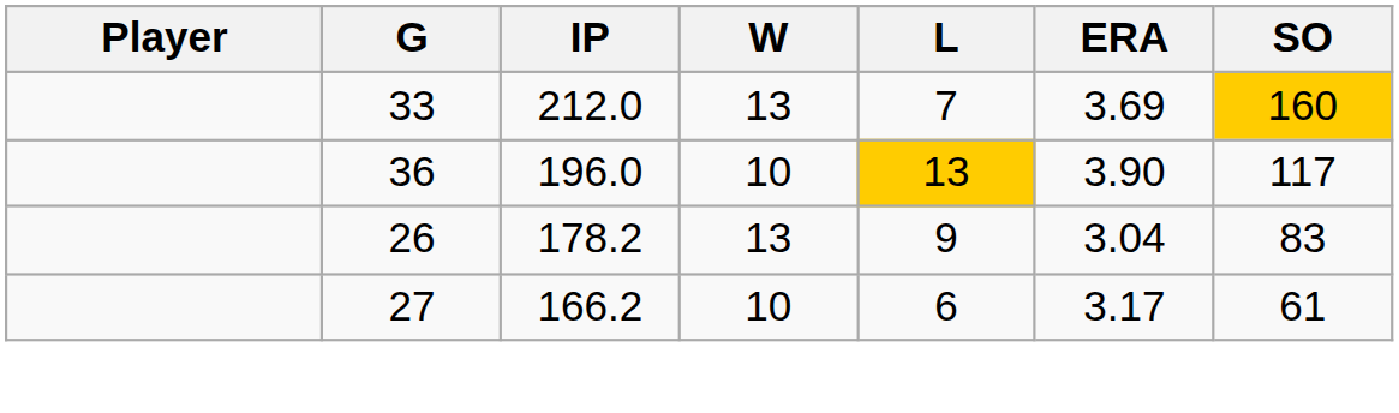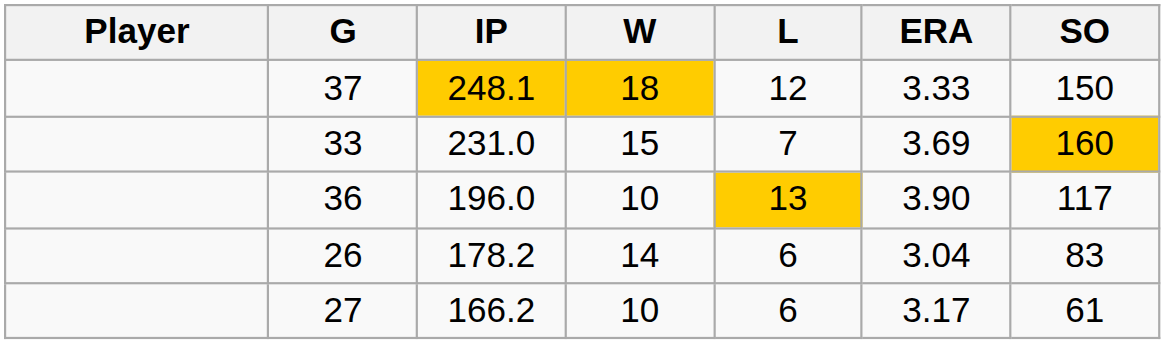 <table class="wikitable sortable">
 <tr>
 <th bgcolor="#DDDDFF" width="16%">Player</th>
 <th bgcolor="#DDDDFF" width="9%">G</th>
 <th bgcolor="#DDDDFF" width="9%">IP</th>
 <th bgcolor="#DDDDFF" width="9%">W</th>
 <th bgcolor="#DDDDFF" width="9%">L</th>
 <th bgcolor="#DDDDFF" width="9%">ERA</th>
 <th bgcolor="#DDDDFF" width="9%">SO</th>
 </tr>
 <tr align="center">
 <td></td>
+<td>37</td>
+<td style="background:#fc0;">248.1</td>
+<td style="background:#fc0;">18</td>
+<td>12</td>
+<td>3.33</td>
+<td>150</td>
+</tr>
+<tr align="center">
+<td></td>
 <td>33</td>
-<td>212.0</td>
-<td>13</td>
+<td>231.0</td>
+<td>15</td>
 <td>7</td>
 <td>3.69</td>
 <td style="background:#fc0;">160</td>
 </tr>
 <tr align="center">
 <td></td>
 <td>36</td>
 <td>196.0</td>
 <td>10</td>
 <td style="background:#fc0;">13</td>
 <td>3.90</td>
 <td>117</td>
 </tr>
 <tr align="center">
 <td></td>
 <td>26</td>
 <td>178.2</td>
-<td>13</td>
-<td>9</td>
+<td>14</td>
+<td>6</td>
 <td>3.04</td>
 <td>83</td>
 </tr>
 <tr align="center">
 <td></td>
 <td>27</td>
 <td>166.2</td>
 <td>10</td>
 <td>6</td>
 <td>3.17</td>
 <td>61</td>
 </tr>
 </table>
